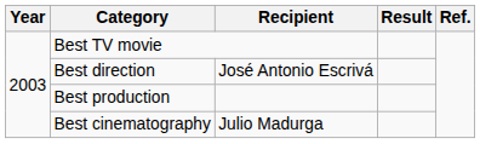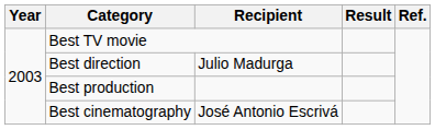 <table class = "wikitable sortable">
 <tr>
 <th>Year</th>
 <th>Category</th>
 <th>Recipient</th>
 <th>Result</th>
 <th>Ref.</th>
 </tr>
 <tr>
 <td rowspan=4>2003</td>
 <td colspan=2>Best TV movie</td>
 <td></td>
 <td rowspan=4></td>
 </tr>
 <tr>
 <td>Best direction</td>
-<td>José Antonio Escrivá</td>
+<td>Julio Madurga</td>
 <td></td>
 </tr>
 <tr>
 <td>Best production</td>
 <td></td>
 <td></td>
 </tr>
 <tr>
 <td>Best cinematography</td>
-<td>Julio Madurga</td>
+<td>José Antonio Escrivá</td>
 <td></td>
 </tr>
 </table>
